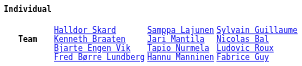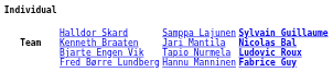 <table>
 <tr>
 <th scope="row">Individual<br></th>
 <td></td>
 <td></td>
 <td></td>
 </tr>
 <tr>
 <th scope="row">Team<br></th>
 <td><br><a href='#'>Halldor Skard</a><br><a href='#'>Kenneth Braaten</a><br><a href='#'>Bjarte Engen Vik</a><br><a href='#'>Fred Børre Lundberg</a></td>
 <td><br><a href='#'>Samppa Lajunen</a><br><a href='#'>Jari Mantila</a><br><a href='#'>Tapio Nurmela</a><br><a href='#'>Hannu Manninen</a></td>
-<td><br><a href='#'>Sylvain Guillaume</a><br><a href='#'>Nicolas Bal</a><br><a href='#'>Ludovic Roux</a><br><a href='#'>Fabrice Guy</a></td>
+<td><strong><br><a href='#'>Sylvain Guillaume</a><br><a href='#'>Nicolas Bal</a><br><a href='#'>Ludovic Roux</a><br><a href='#'>Fabrice Guy</a></strong></td>
 </tr>
 </table>
